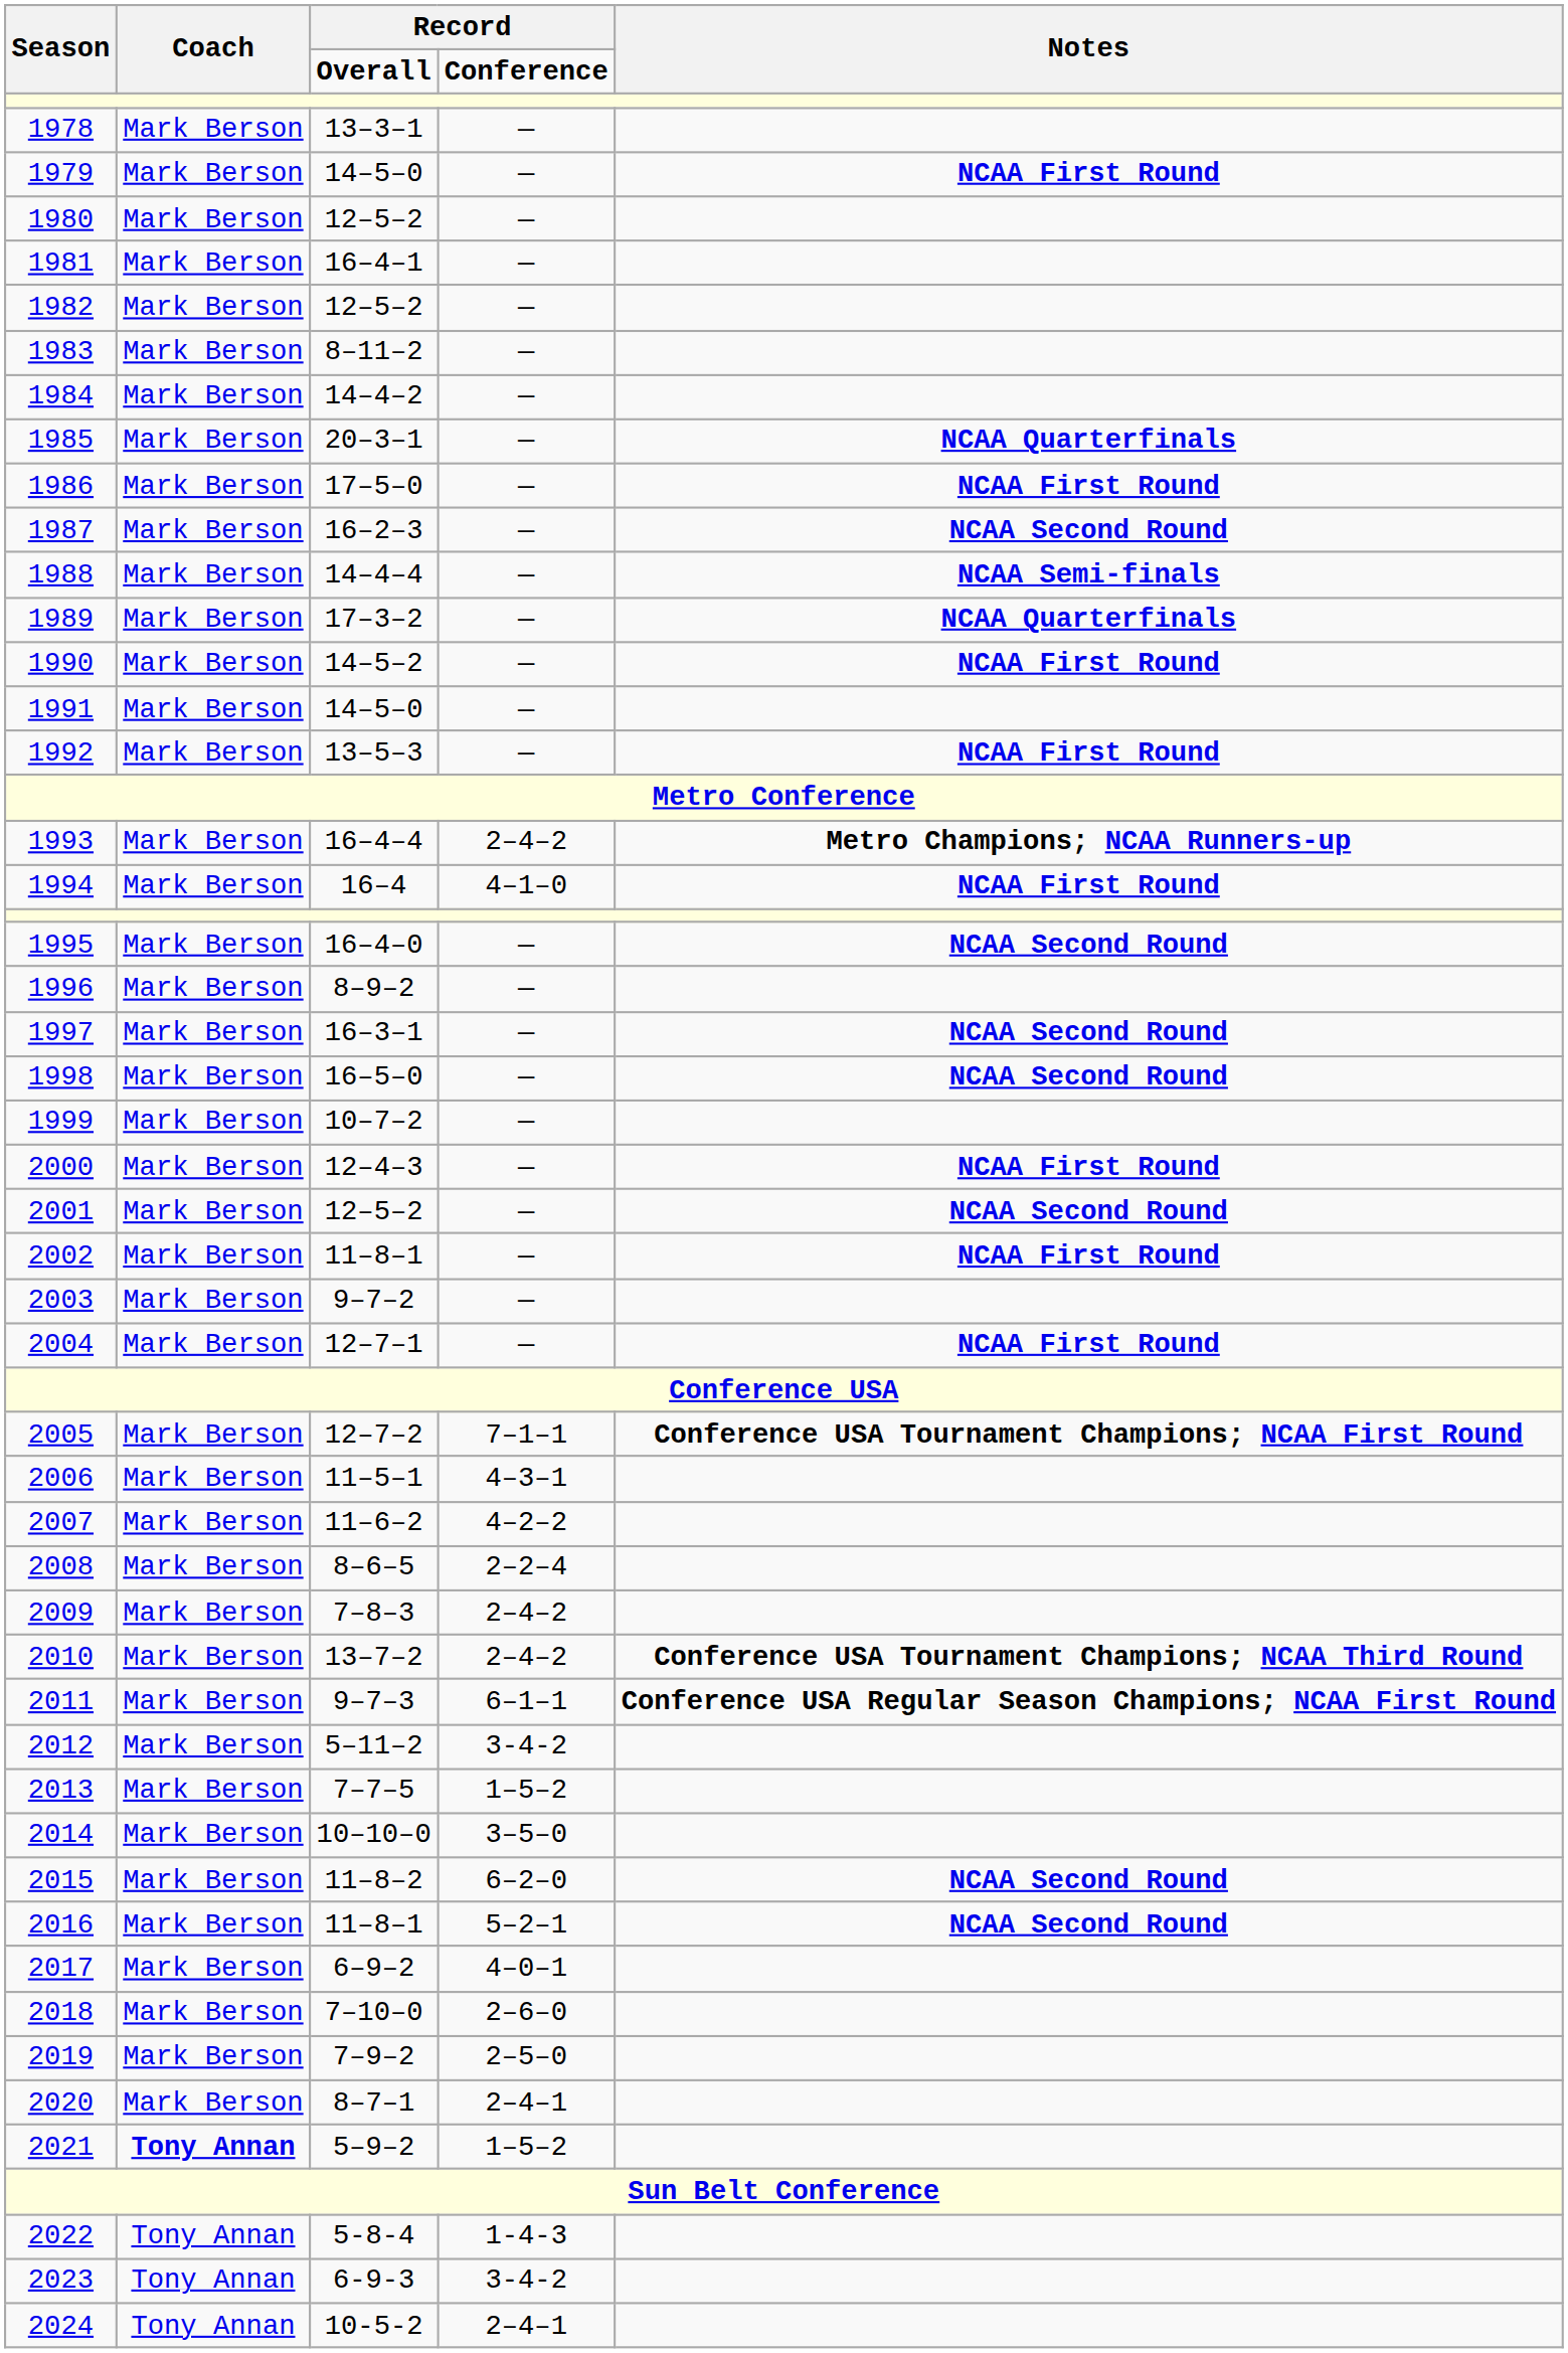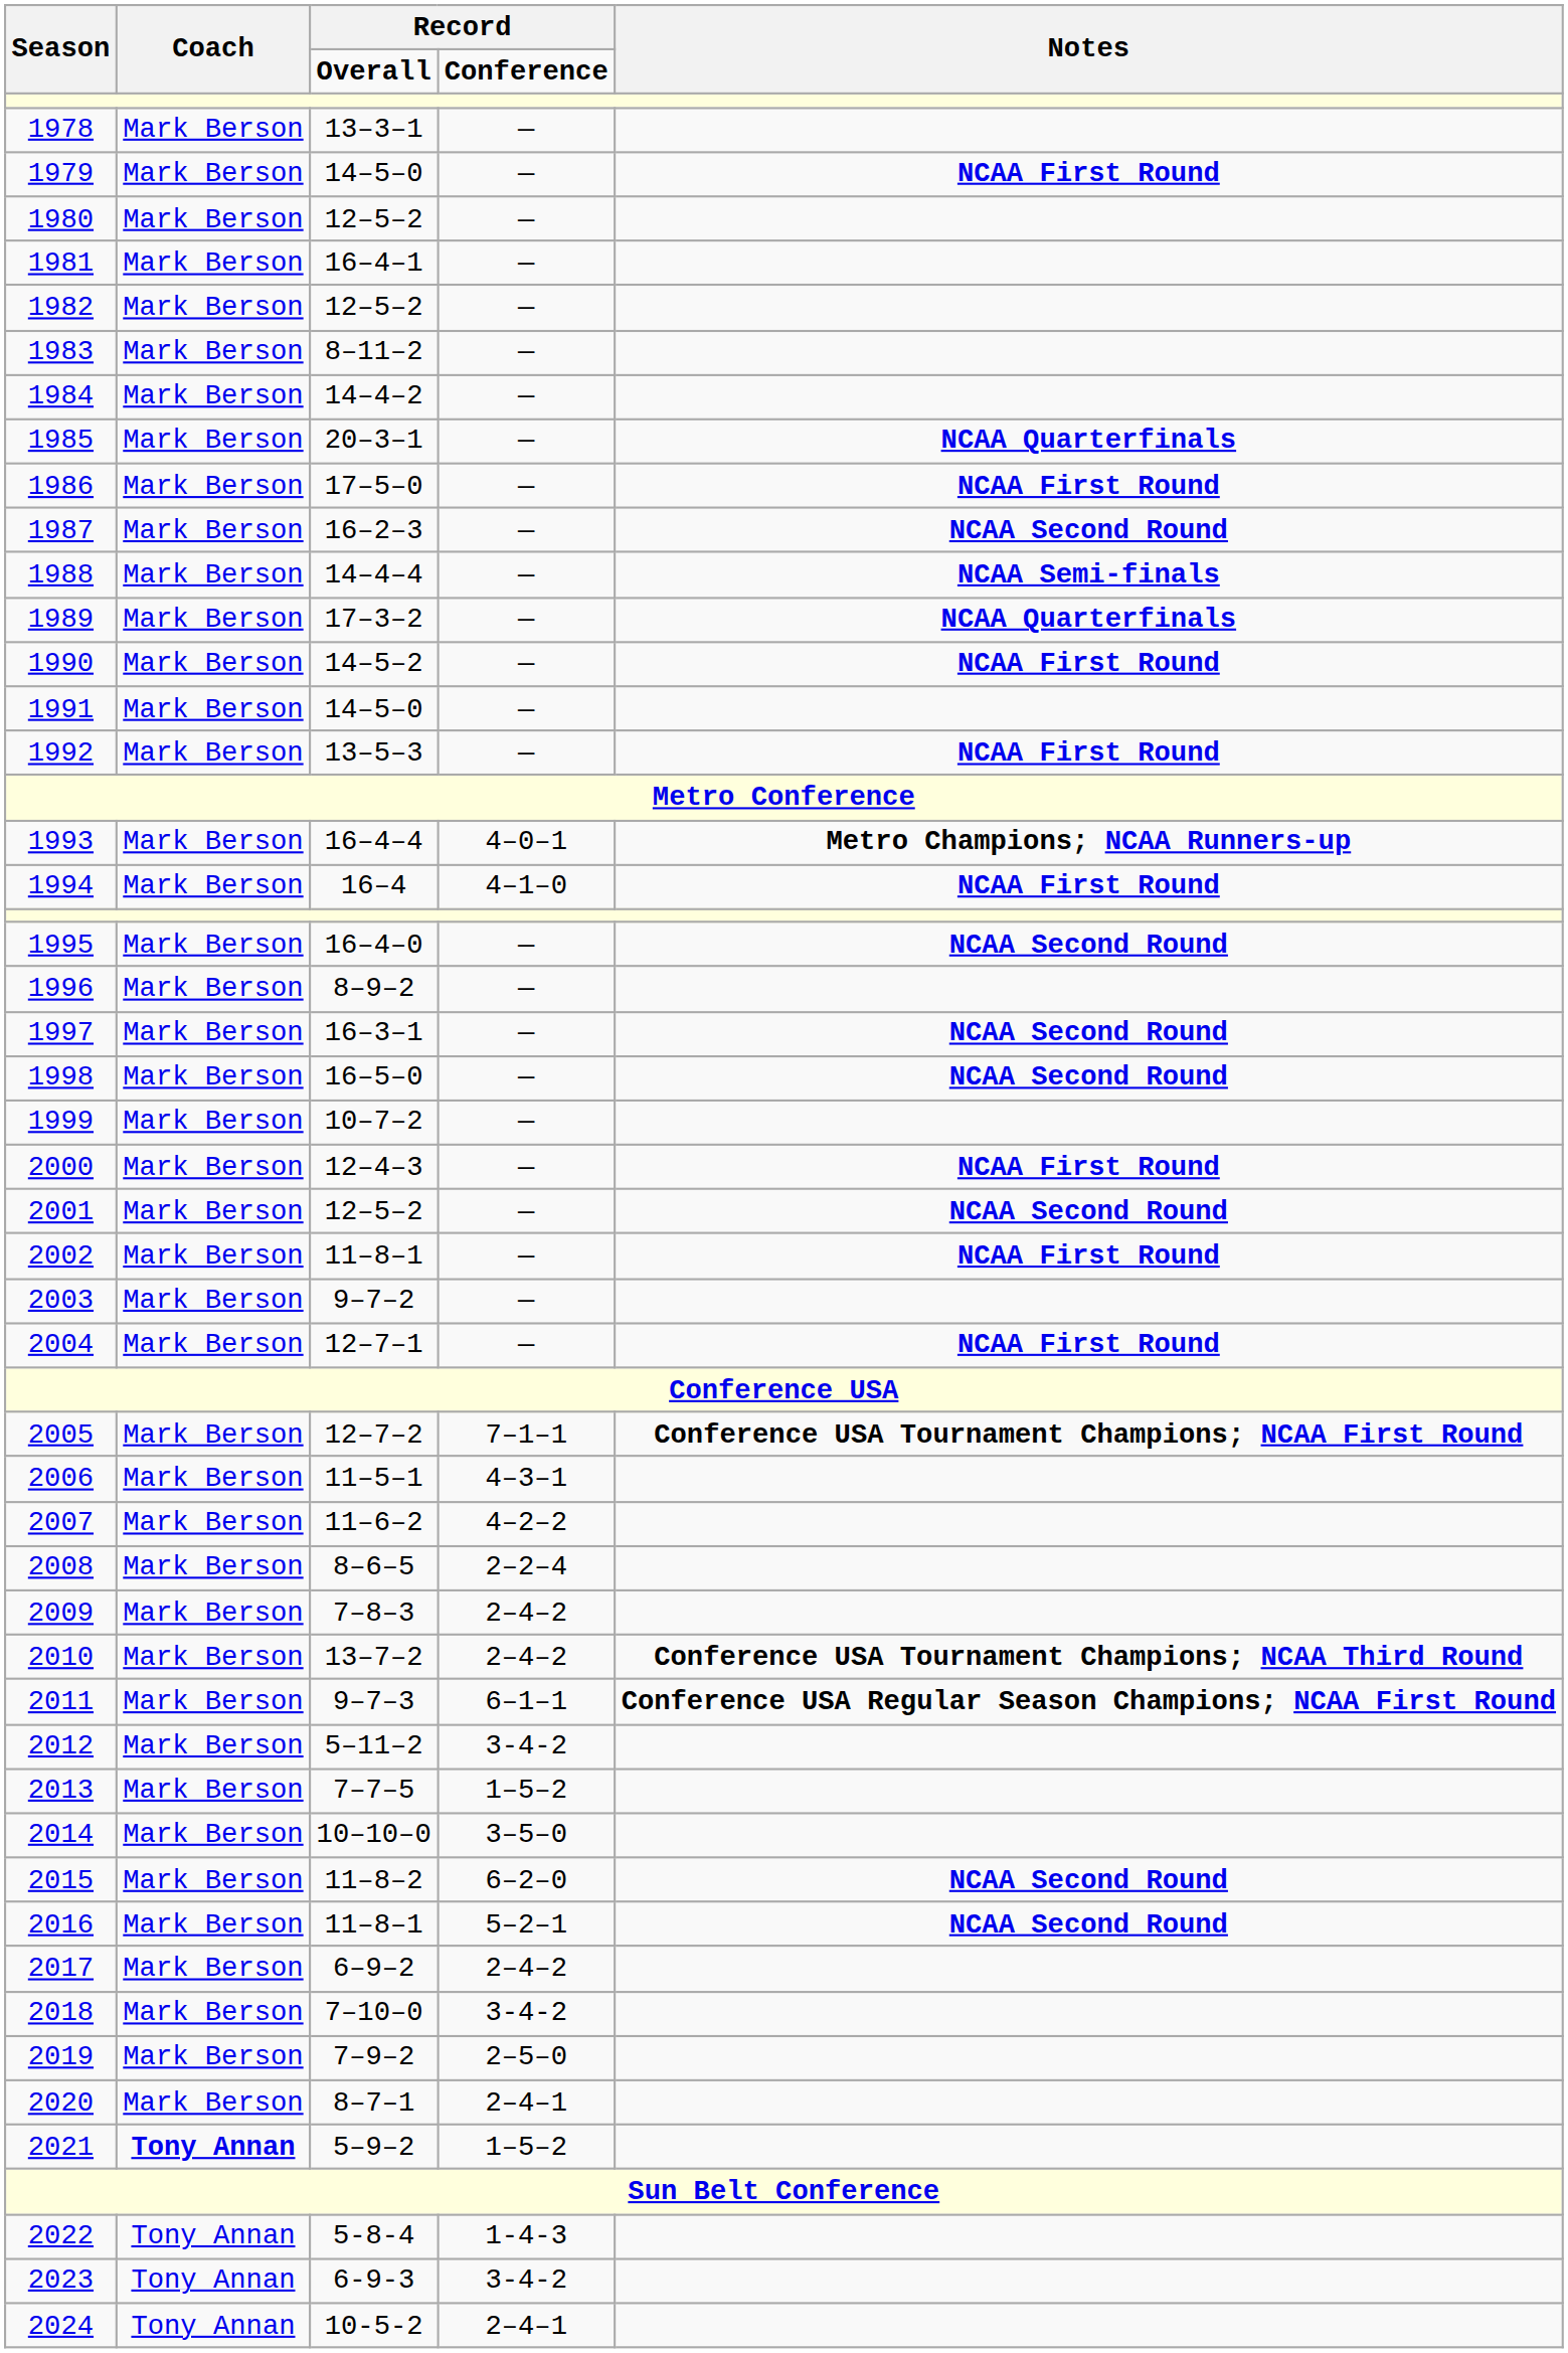 <table class="wikitable" style="text-align: center;">
 <tr>
 <th rowspan="2">Season</th>
 <th rowspan="2">Coach</th>
 <th colspan="2">Record</th>
 <th rowspan="2">Notes</th>
 </tr>
 <tr>
 <td><strong>Overall</strong></td>
 <td><strong>Conference</strong></td>
 </tr>
 <tr style="background: #ffffdd;">
 <td colspan="5"></td>
 </tr>
 <tr>
 <td><a href='#'>1978</a></td>
 <td><a href='#'>Mark Berson</a></td>
 <td>13–3–1</td>
 <td>—</td>
 <td></td>
 </tr>
 <tr>
 <td><a href='#'>1979</a></td>
 <td><a href='#'>Mark Berson</a></td>
 <td>14–5–0</td>
 <td>—</td>
 <td><strong><a href='#'>NCAA First Round</a></strong></td>
 </tr>
 <tr>
 <td><a href='#'>1980</a></td>
 <td><a href='#'>Mark Berson</a></td>
 <td>12–5–2</td>
 <td>—</td>
 <td></td>
 </tr>
 <tr>
 <td><a href='#'>1981</a></td>
 <td><a href='#'>Mark Berson</a></td>
 <td>16–4–1</td>
 <td>—</td>
 <td></td>
 </tr>
 <tr>
 <td><a href='#'>1982</a></td>
 <td><a href='#'>Mark Berson</a></td>
 <td>12–5–2</td>
 <td>—</td>
 <td></td>
 </tr>
 <tr>
 <td><a href='#'>1983</a></td>
 <td><a href='#'>Mark Berson</a></td>
 <td>8–11–2</td>
 <td>—</td>
 <td></td>
 </tr>
 <tr>
 <td><a href='#'>1984</a></td>
 <td><a href='#'>Mark Berson</a></td>
 <td>14–4–2</td>
 <td>—</td>
 <td></td>
 </tr>
 <tr>
 <td><a href='#'>1985</a></td>
 <td><a href='#'>Mark Berson</a></td>
 <td>20–3–1</td>
 <td>—</td>
 <td><strong><a href='#'>NCAA Quarterfinals</a></strong></td>
 </tr>
 <tr>
 <td><a href='#'>1986</a></td>
 <td><a href='#'>Mark Berson</a></td>
 <td>17–5–0</td>
 <td>—</td>
 <td><strong><a href='#'>NCAA First Round</a></strong></td>
 </tr>
 <tr>
 <td><a href='#'>1987</a></td>
 <td><a href='#'>Mark Berson</a></td>
 <td>16–2–3</td>
 <td>—</td>
 <td><strong><a href='#'>NCAA Second Round</a></strong></td>
 </tr>
 <tr>
 <td><a href='#'>1988</a></td>
 <td><a href='#'>Mark Berson</a></td>
 <td>14–4–4</td>
 <td>—</td>
 <td><strong><a href='#'>NCAA Semi-finals</a></strong></td>
 </tr>
 <tr>
 <td><a href='#'>1989</a></td>
 <td><a href='#'>Mark Berson</a></td>
 <td>17–3–2</td>
 <td>—</td>
 <td><strong><a href='#'>NCAA Quarterfinals</a></strong></td>
 </tr>
 <tr>
 <td><a href='#'>1990</a></td>
 <td><a href='#'>Mark Berson</a></td>
 <td>14–5–2</td>
 <td>—</td>
 <td><strong><a href='#'>NCAA First Round</a></strong></td>
 </tr>
 <tr>
 <td><a href='#'>1991</a></td>
 <td><a href='#'>Mark Berson</a></td>
 <td>14–5–0</td>
 <td>—</td>
 <td></td>
 </tr>
 <tr>
 <td><a href='#'>1992</a></td>
 <td><a href='#'>Mark Berson</a></td>
 <td>13–5–3</td>
 <td>—</td>
 <td><strong><a href='#'>NCAA First Round</a></strong></td>
 </tr>
 <tr style="background: #ffffdd;">
 <td colspan="5" style="text-align:center;"><strong><a href='#'>Metro Conference</a></strong></td>
 </tr>
 <tr>
 <td><a href='#'>1993</a></td>
 <td><a href='#'>Mark Berson</a></td>
 <td>16–4–4</td>
-<td>2–4–2</td>
+<td>4–0–1</td>
 <td><strong>Metro Champions; <a href='#'>NCAA Runners-up</a></strong></td>
 </tr>
 <tr>
 <td><a href='#'>1994</a></td>
 <td><a href='#'>Mark Berson</a></td>
 <td>16–4</td>
 <td>4–1–0</td>
 <td><strong><a href='#'>NCAA First Round</a></strong></td>
 </tr>
 <tr style="background: #ffffdd;">
 <td colspan="5"></td>
 </tr>
 <tr>
 <td><a href='#'>1995</a></td>
 <td><a href='#'>Mark Berson</a></td>
 <td>16–4–0</td>
 <td>—</td>
 <td><strong><a href='#'>NCAA Second Round</a></strong></td>
 </tr>
 <tr>
 <td><a href='#'>1996</a></td>
 <td><a href='#'>Mark Berson</a></td>
 <td>8–9–2</td>
 <td>—</td>
 <td></td>
 </tr>
 <tr>
 <td><a href='#'>1997</a></td>
 <td><a href='#'>Mark Berson</a></td>
 <td>16–3–1</td>
 <td>—</td>
 <td><strong><a href='#'>NCAA Second Round</a></strong></td>
 </tr>
 <tr>
 <td><a href='#'>1998</a></td>
 <td><a href='#'>Mark Berson</a></td>
 <td>16–5–0</td>
 <td>—</td>
 <td><strong><a href='#'>NCAA Second Round</a></strong></td>
 </tr>
 <tr>
 <td><a href='#'>1999</a></td>
 <td><a href='#'>Mark Berson</a></td>
 <td>10–7–2</td>
 <td>—</td>
 <td></td>
 </tr>
 <tr>
 <td><a href='#'>2000</a></td>
 <td><a href='#'>Mark Berson</a></td>
 <td>12–4–3</td>
 <td>—</td>
 <td><strong><a href='#'>NCAA First Round</a></strong></td>
 </tr>
 <tr>
 <td><a href='#'>2001</a></td>
 <td><a href='#'>Mark Berson</a></td>
 <td>12–5–2</td>
 <td>—</td>
 <td><strong><a href='#'>NCAA Second Round</a></strong></td>
 </tr>
 <tr>
 <td><a href='#'>2002</a></td>
 <td><a href='#'>Mark Berson</a></td>
 <td>11–8–1</td>
 <td>—</td>
 <td><strong><a href='#'>NCAA First Round</a></strong></td>
 </tr>
 <tr>
 <td><a href='#'>2003</a></td>
 <td><a href='#'>Mark Berson</a></td>
 <td>9–7–2</td>
 <td>—</td>
 <td></td>
 </tr>
 <tr>
 <td><a href='#'>2004</a></td>
 <td><a href='#'>Mark Berson</a></td>
 <td>12–7–1</td>
 <td>—</td>
 <td><strong><a href='#'>NCAA First Round</a></strong></td>
 </tr>
 <tr style="background: #ffffdd;">
 <td colspan="5" style="text-align:center;"><strong><a href='#'>Conference USA</a></strong></td>
 </tr>
 <tr>
 <td><a href='#'>2005</a></td>
 <td><a href='#'>Mark Berson</a></td>
 <td>12–7–2</td>
 <td>7–1–1</td>
 <td><strong>Conference USA Tournament Champions; <a href='#'>NCAA First Round</a></strong></td>
 </tr>
 <tr>
 <td><a href='#'>2006</a></td>
 <td><a href='#'>Mark Berson</a></td>
 <td>11–5–1</td>
 <td>4–3–1</td>
 <td></td>
 </tr>
 <tr>
 <td><a href='#'>2007</a></td>
 <td><a href='#'>Mark Berson</a></td>
 <td>11–6–2</td>
 <td>4–2–2</td>
 <td></td>
 </tr>
 <tr>
 <td><a href='#'>2008</a></td>
 <td><a href='#'>Mark Berson</a></td>
 <td>8–6–5</td>
 <td>2–2–4</td>
 <td></td>
 </tr>
 <tr>
 <td><a href='#'>2009</a></td>
 <td><a href='#'>Mark Berson</a></td>
 <td>7–8–3</td>
 <td>2–4–2</td>
 <td></td>
 </tr>
 <tr>
 <td><a href='#'>2010</a></td>
 <td><a href='#'>Mark Berson</a></td>
 <td>13–7–2</td>
 <td>2–4–2</td>
 <td><strong>Conference USA Tournament Champions; <a href='#'>NCAA Third Round</a></strong></td>
 </tr>
 <tr>
 <td><a href='#'>2011</a></td>
 <td><a href='#'>Mark Berson</a></td>
 <td>9–7–3</td>
 <td>6–1–1</td>
 <td><strong>Conference USA Regular Season Champions; <a href='#'>NCAA First Round</a></strong></td>
 </tr>
 <tr>
 <td><a href='#'>2012</a></td>
 <td><a href='#'>Mark Berson</a></td>
 <td>5–11–2</td>
 <td>3-4-2</td>
 <td></td>
 </tr>
 <tr>
 <td><a href='#'>2013</a></td>
 <td><a href='#'>Mark Berson</a></td>
 <td>7–7–5</td>
 <td>1–5–2</td>
 <td></td>
 </tr>
 <tr>
 <td><a href='#'>2014</a></td>
 <td><a href='#'>Mark Berson</a></td>
 <td>10–10–0</td>
 <td>3–5–0</td>
 <td></td>
 </tr>
 <tr>
 <td><a href='#'>2015</a></td>
 <td><a href='#'>Mark Berson</a></td>
 <td>11–8–2</td>
 <td>6–2–0</td>
 <td><strong><a href='#'>NCAA Second Round</a></strong></td>
 </tr>
 <tr>
 <td><a href='#'>2016</a></td>
 <td><a href='#'>Mark Berson</a></td>
 <td>11–8–1</td>
 <td>5–2–1</td>
 <td><strong><a href='#'>NCAA Second Round</a></strong></td>
 </tr>
 <tr>
 <td><a href='#'>2017</a></td>
 <td><a href='#'>Mark Berson</a></td>
 <td>6–9–2</td>
-<td>4–0–1</td>
+<td>2–4–2</td>
 <td></td>
 </tr>
 <tr>
 <td><a href='#'>2018</a></td>
 <td><a href='#'>Mark Berson</a></td>
 <td>7–10–0</td>
-<td>2–6–0</td>
+<td>3-4-2</td>
 <td></td>
 </tr>
 <tr>
 <td><a href='#'>2019</a></td>
 <td><a href='#'>Mark Berson</a></td>
 <td>7–9–2</td>
 <td>2–5–0</td>
 <td></td>
 </tr>
 <tr>
 <td><a href='#'>2020</a></td>
 <td><a href='#'>Mark Berson</a></td>
 <td>8–7–1</td>
 <td>2–4–1</td>
 <td></td>
 </tr>
 <tr>
 <td><a href='#'>2021</a></td>
 <td><strong><a href='#'>Tony Annan</a></strong></td>
 <td>5–9–2</td>
 <td>1–5–2</td>
 <td></td>
 </tr>
 <tr style="background: #ffffdd;">
 <td colspan="5" style="text-align:center;"><strong><a href='#'>Sun Belt Conference</a></strong></td>
 </tr>
 <tr>
 <td><a href='#'>2022</a></td>
 <td><a href='#'>Tony Annan</a></td>
 <td>5-8-4</td>
 <td>1-4-3</td>
 <td></td>
 </tr>
 <tr>
 <td><a href='#'>2023</a></td>
 <td><a href='#'>Tony Annan</a></td>
 <td>6-9-3</td>
 <td>3-4-2</td>
 <td></td>
 </tr>
 <tr>
 <td><a href='#'>2024</a></td>
 <td><a href='#'>Tony Annan</a></td>
 <td>10-5-2</td>
 <td>2–4–1</td>
 </tr>
 </table>
